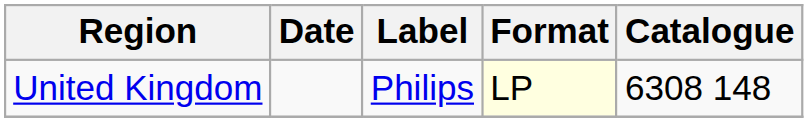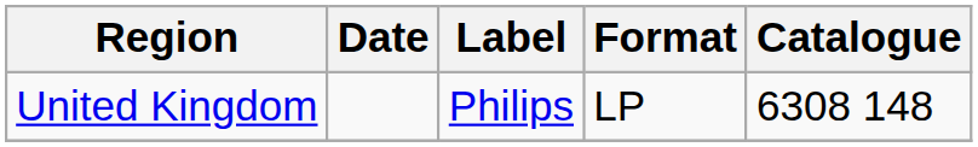 <table class="wikitable">
 <tr>
 <th>Region</th>
 <th>Date</th>
 <th>Label</th>
 <th>Format</th>
 <th>Catalogue</th>
 </tr>
 <tr>
 <td><a href='#'>United Kingdom</a></td>
 <td></td>
 <td><a href='#'>Philips</a></td>
-<td style="background: lightyellow;">LP</td>
+<td>LP</td>
 <td>6308 148</td>
 </tr>
 <tr>
 </tr>
 </table>
